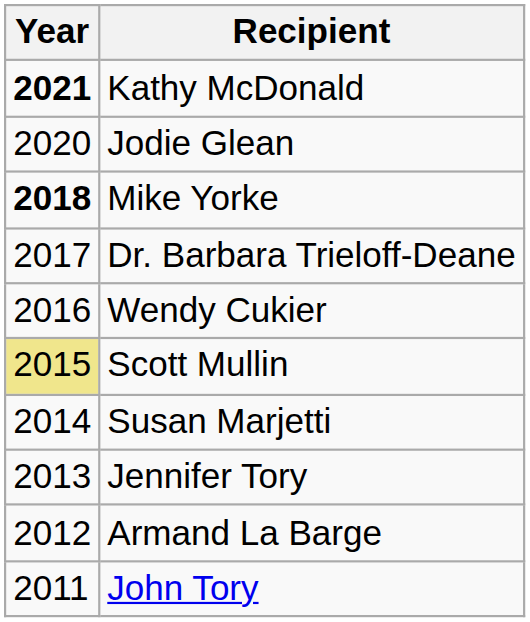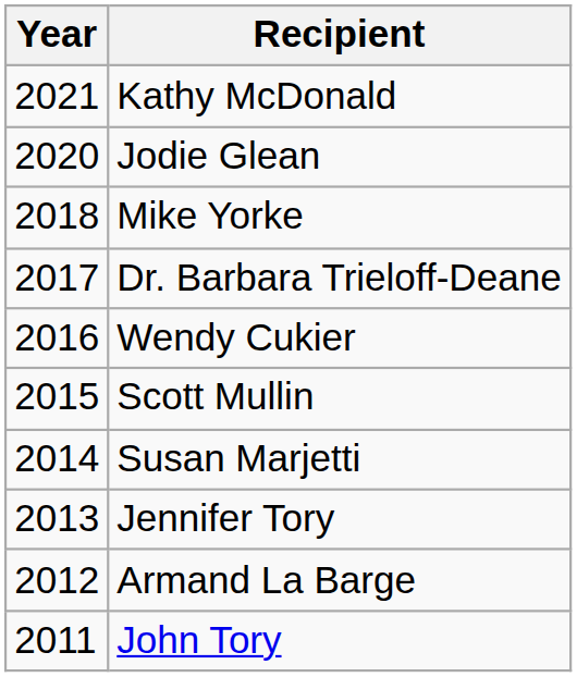 <table class="wikitable sortable">
 <tr>
 <th>Year</th>
 <th>Recipient</th>
 </tr>
 <tr>
-<td><strong>2021</strong></td>
+<td>2021</td>
 <td>Kathy McDonald</td>
 </tr>
 <tr>
 <td>2020</td>
 <td>Jodie Glean</td>
 </tr>
 <tr>
-<td><strong>2018</strong></td>
+<td>2018</td>
 <td>Mike Yorke</td>
 </tr>
 <tr>
 <td>2017</td>
 <td>Dr. Barbara Trieloff-Deane</td>
 </tr>
 <tr>
 <td>2016</td>
 <td>Wendy Cukier</td>
 </tr>
 <tr>
-<td style="background: khaki;">2015</td>
+<td>2015</td>
 <td>Scott Mullin</td>
 </tr>
 <tr>
 <td>2014</td>
 <td>Susan Marjetti</td>
 </tr>
 <tr>
 <td>2013</td>
 <td>Jennifer Tory</td>
 </tr>
 <tr>
 <td>2012</td>
 <td>Armand La Barge</td>
 </tr>
 <tr>
 <td>2011</td>
 <td><a href='#'>John Tory</a></td>
 </tr>
 </table>
